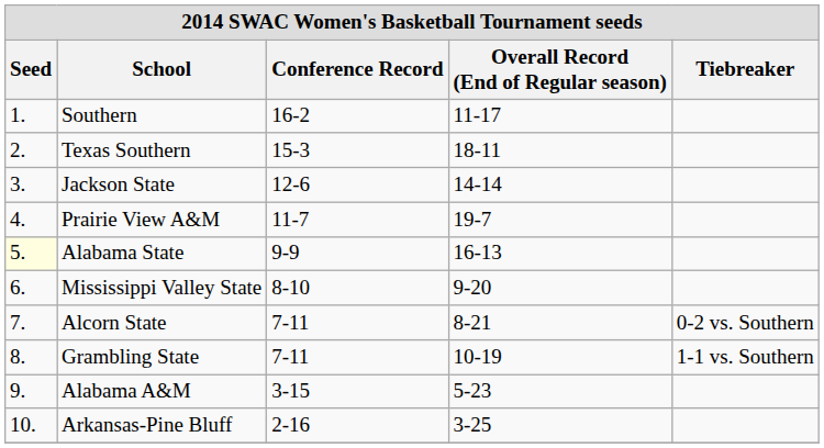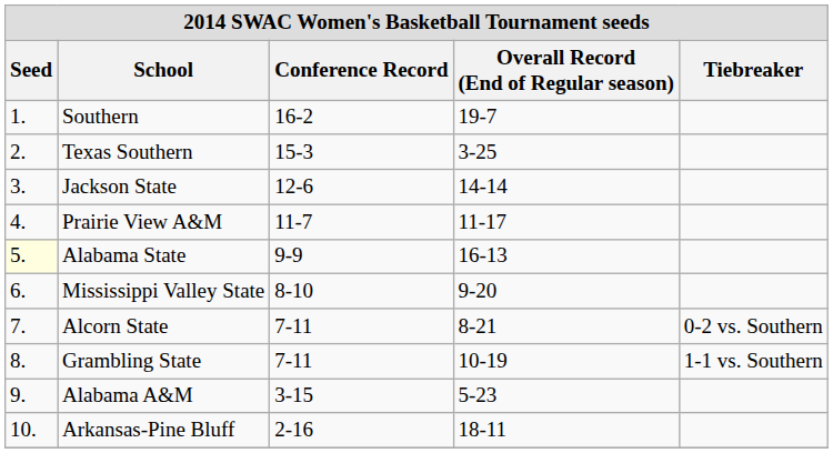 <table class="wikitable" style="white-space:nowrap; font-size:90%;">
 <tr>
 <td colspan="7" style="text-align:center; background:#DDDDDD; font:#000000"><strong>2014 SWAC Women's Basketball Tournament seeds</strong></td>
 </tr>
 <tr bgcolor="#efefef">
 <th>Seed</th>
 <th>School</th>
 <th>Conference Record</th>
 <th>Overall Record <br>(End of Regular season)</th>
 <th>Tiebreaker</th>
 </tr>
 <tr>
 <td>1.</td>
 <td>Southern</td>
 <td>16-2</td>
-<td>11-17</td>
+<td>19-7</td>
 <td></td>
 </tr>
 <tr>
 <td>2.</td>
 <td>Texas Southern</td>
 <td>15-3</td>
-<td>18-11</td>
+<td>3-25</td>
 <td></td>
 </tr>
 <tr>
 <td>3.</td>
 <td>Jackson State</td>
 <td>12-6</td>
 <td>14-14</td>
 <td></td>
 </tr>
 <tr>
 <td>4.</td>
 <td>Prairie View A&M</td>
 <td>11-7</td>
-<td>19-7</td>
+<td>11-17</td>
 <td></td>
 </tr>
 <tr>
 <td style="background: lightyellow;">5.</td>
 <td>Alabama State</td>
 <td>9-9</td>
 <td>16-13</td>
 <td></td>
 </tr>
 <tr>
 <td>6.</td>
 <td>Mississippi Valley State</td>
 <td>8-10</td>
 <td>9-20</td>
 <td></td>
 </tr>
 <tr>
 <td>7.</td>
 <td>Alcorn State</td>
 <td>7-11</td>
 <td>8-21</td>
 <td>0-2 vs. Southern</td>
 </tr>
 <tr>
 <td>8.</td>
 <td>Grambling State</td>
 <td>7-11</td>
 <td>10-19</td>
 <td>1-1 vs. Southern</td>
 </tr>
 <tr>
 <td>9.</td>
 <td>Alabama A&M</td>
 <td>3-15</td>
 <td>5-23</td>
 <td></td>
 </tr>
 <tr>
 <td>10.</td>
 <td>Arkansas-Pine Bluff</td>
 <td>2-16</td>
-<td>3-25</td>
+<td>18-11</td>
 <td></td>
 </tr>
 <tr>
 </tr>
 </table>
